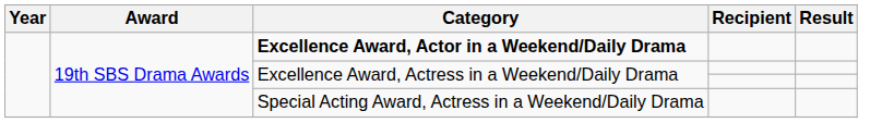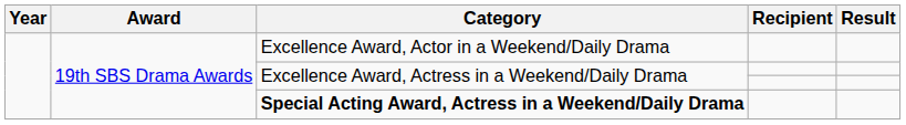 <table class="wikitable">
 <tr>
 <th>Year</th>
 <th>Award</th>
 <th>Category</th>
 <th>Recipient</th>
 <th>Result</th>
 </tr>
 <tr>
 <td rowspan="4"></td>
 <td rowspan="4"><a href='#'>19th SBS Drama Awards</a></td>
-<td><strong>Excellence Award, Actor in a Weekend/Daily Drama</strong></td>
+<td>Excellence Award, Actor in a Weekend/Daily Drama</td>
 <td></td>
 <td></td>
 </tr>
 <tr>
 <td rowspan="2">Excellence Award, Actress in a Weekend/Daily Drama</td>
 <td></td>
 <td></td>
 </tr>
 <tr>
 <td></td>
 <td></td>
 </tr>
 <tr>
-<td>Special Acting Award, Actress in a Weekend/Daily Drama</td>
+<td><strong>Special Acting Award, Actress in a Weekend/Daily Drama</strong></td>
 <td></td>
 <td></td>
 </tr>
 <tr>
 </tr>
 </table>
